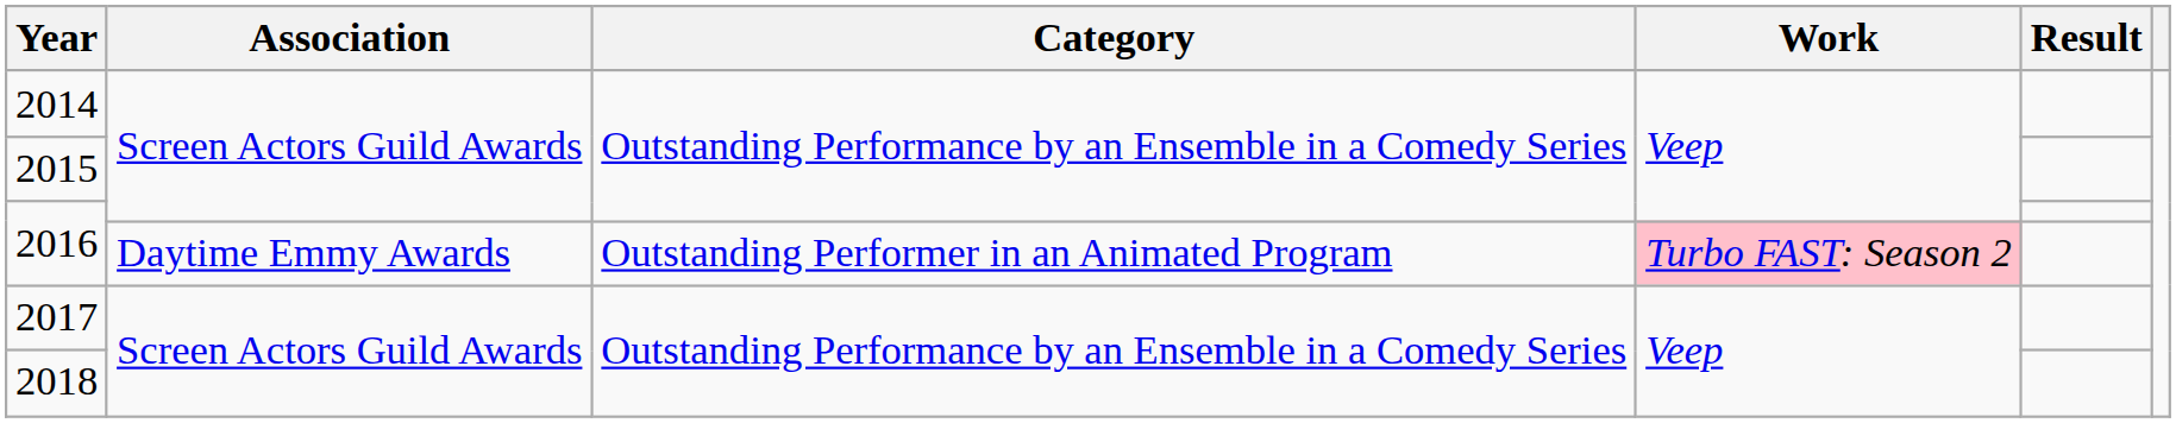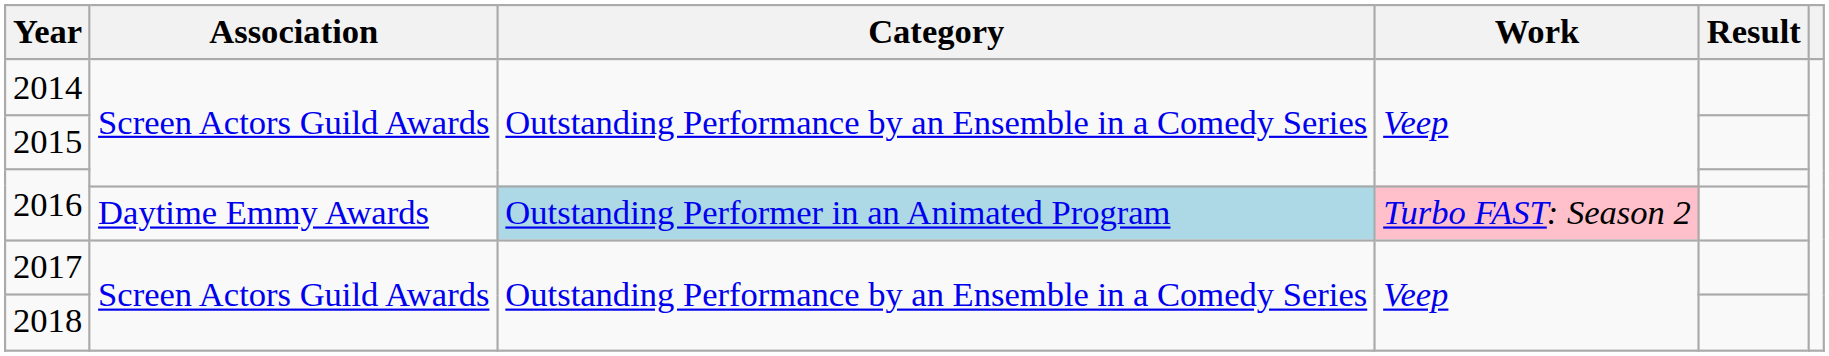 <table class="wikitable">
 <tr>
 <th>Year</th>
 <th>Association</th>
 <th>Category</th>
 <th>Work</th>
 <th>Result</th>
 <th></th>
 </tr>
 <tr>
 <td>2014</td>
 <td rowspan="3"><a href='#'>Screen Actors Guild Awards</a></td>
 <td rowspan="3"><a href='#'>Outstanding Performance by an Ensemble in a Comedy Series</a></td>
 <td rowspan="3"><em><a href='#'>Veep</a></em></td>
 <td></td>
 <td rowspan="6"></td>
 </tr>
 <tr>
 <td>2015</td>
 <td></td>
 </tr>
 <tr>
 <td rowspan="2">2016</td>
 <td></td>
 </tr>
 <tr>
 <td><a href='#'>Daytime Emmy Awards</a></td>
-<td><a href='#'>Outstanding Performer in an Animated Program</a></td>
+<td style="background: lightblue;"><a href='#'>Outstanding Performer in an Animated Program</a></td>
 <td style="background: pink;"><em><a href='#'>Turbo FAST</a>: Season 2</em></td>
 <td></td>
 </tr>
 <tr>
 <td>2017</td>
 <td rowspan="2"><a href='#'>Screen Actors Guild Awards</a></td>
 <td rowspan="2"><a href='#'>Outstanding Performance by an Ensemble in a Comedy Series</a></td>
 <td rowspan="2"><em><a href='#'>Veep</a></em></td>
 <td></td>
 </tr>
 <tr>
 <td>2018</td>
 <td></td>
 </tr>
 </table>
